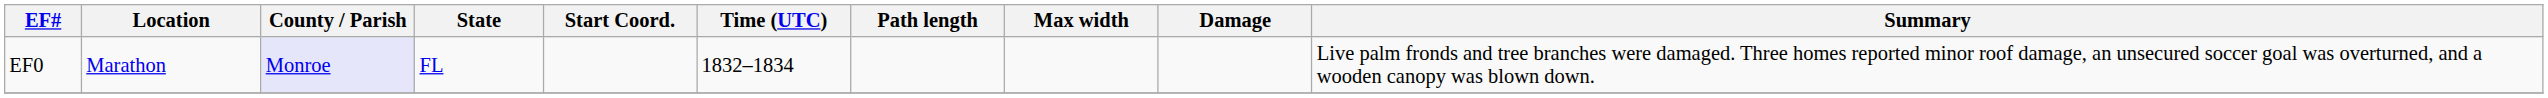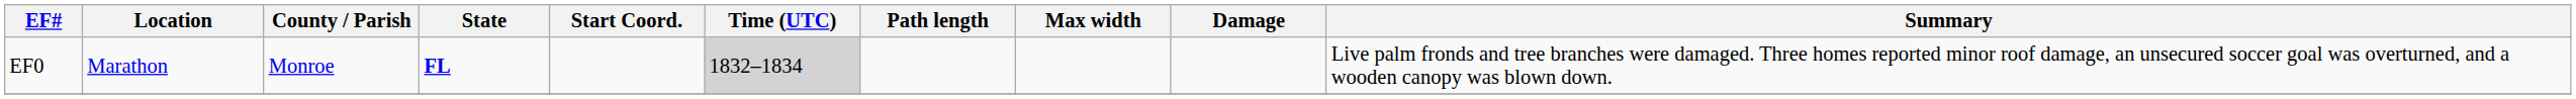 <table class="wikitable sortable" style="width:100%;">
 <tr>
 <th scope="col" width="3%" align="center"><a href='#'>EF#</a></th>
 <th scope="col" width="7%" align="center" class="unsortable">Location</th>
 <th scope="col" width="6%" align="center" class="unsortable">County / Parish</th>
 <th scope="col" width="5%" align="center">State</th>
 <th scope="col" width="6%" align="center">Start Coord.</th>
 <th scope="col" width="6%" align="center">Time (<a href='#'>UTC</a>)</th>
 <th scope="col" width="6%" align="center">Path length</th>
 <th scope="col" width="6%" align="center">Max width</th>
 <th scope="col" width="6%" align="center">Damage</th>
 <th scope="col" width="48%" class="unsortable" align="center">Summary</th>
 </tr>
 <tr>
 <td>EF0</td>
 <td><a href='#'>Marathon</a></td>
-<td style="background: lavender;"><a href='#'>Monroe</a></td>
-<td><a href='#'>FL</a></td>
+<td><a href='#'>Monroe</a></td>
+<td><strong><a href='#'>FL</a></strong></td>
 <td></td>
-<td>1832–1834</td>
+<td style="background: lightgrey;">1832–1834</td>
 <td></td>
 <td></td>
 <td></td>
 <td>Live palm fronds and tree branches were damaged. Three homes reported minor roof damage, an unsecured soccer goal was overturned, and a wooden canopy was blown down.</td>
 </tr>
 <tr>
 </tr>
 </table>
